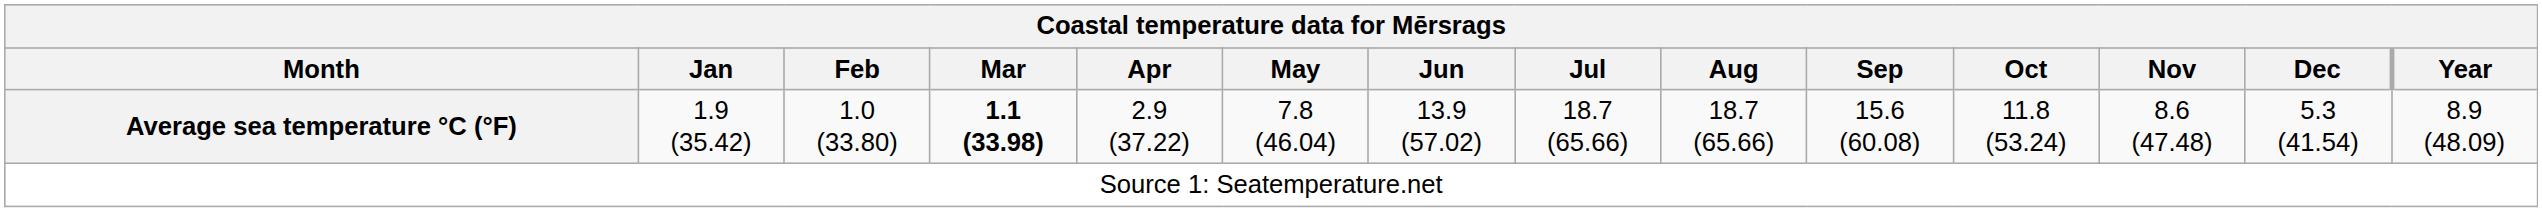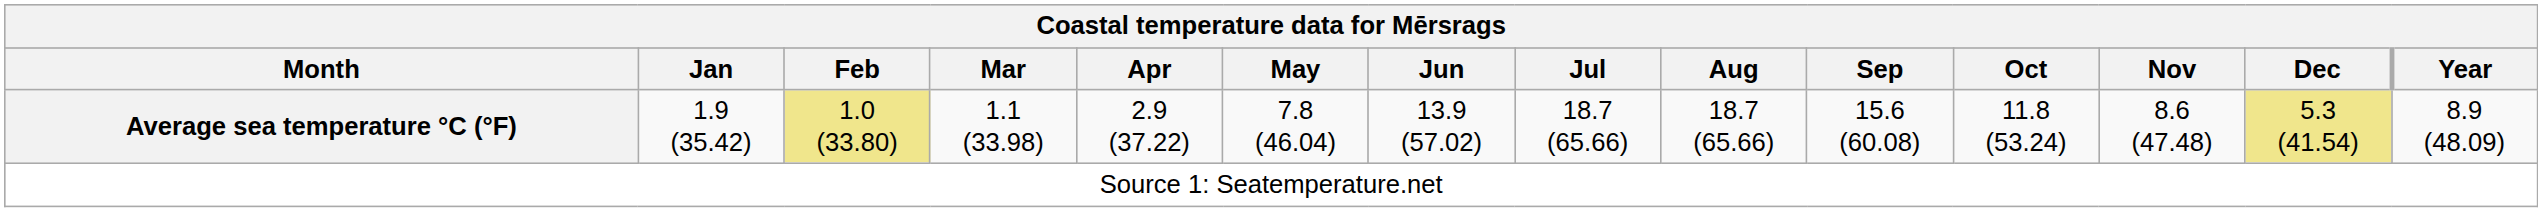 <table style="width:100%;text-align:center;line-height:1.2em;margin-left:auto;margin-right:auto" class="wikitable">
 <tr>
 <th Colspan=14>Coastal temperature data for Mērsrags</th>
 </tr>
 <tr>
 <th>Month</th>
 <th>Jan</th>
 <th>Feb</th>
 <th>Mar</th>
 <th>Apr</th>
 <th>May</th>
 <th>Jun</th>
 <th>Jul</th>
 <th>Aug</th>
 <th>Sep</th>
 <th>Oct</th>
 <th>Nov</th>
 <th>Dec</th>
 <th style="border-left-width:medium">Year</th>
 </tr>
 <tr>
 <th>Average sea temperature °C (°F)</th>
 <td>1.9<br>(35.42)</td>
-<td>1.0<br>(33.80)</td>
-<td><strong>1.1<br>(33.98)</strong></td>
+<td style="background: khaki;">1.0<br>(33.80)</td>
+<td>1.1<br>(33.98)</td>
 <td>2.9<br>(37.22)</td>
 <td>7.8<br>(46.04)</td>
 <td>13.9<br>(57.02)</td>
 <td>18.7<br>(65.66)</td>
 <td>18.7<br>(65.66)</td>
 <td>15.6<br>(60.08)</td>
 <td>11.8<br>(53.24)</td>
 <td>8.6<br>(47.48)</td>
-<td>5.3<br>(41.54)</td>
+<td style="background: khaki;">5.3<br>(41.54)</td>
 <td>8.9<br>(48.09)</td>
 </tr>
 <tr>
 <th Colspan=14 style="background:#ffffff;font-weight:normal;font-size:100%;">Source 1: Seatemperature.net</th>
 </tr>
 </table>
